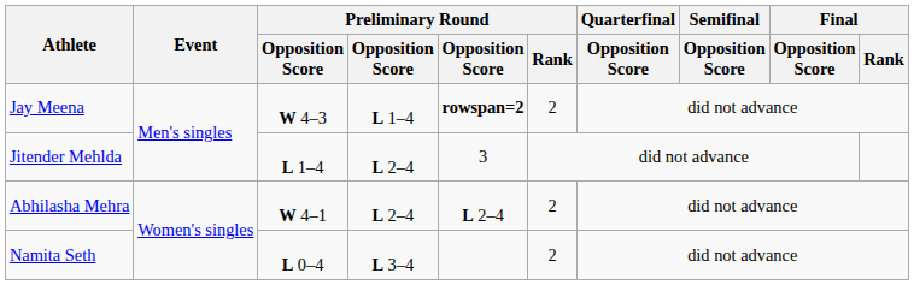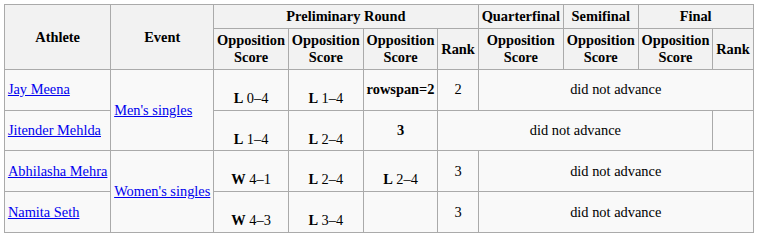 <table class=wikitable style=font-size:90%;text-align:center>
 <tr>
 <th rowspan="2">Athlete</th>
 <th rowspan="2">Event</th>
 <th colspan="4">Preliminary Round</th>
 <th>Quarterfinal</th>
 <th>Semifinal</th>
 <th colspan="2">Final</th>
 </tr>
 <tr>
 <th>Opposition<br>Score</th>
 <th>Opposition<br>Score</th>
 <th>Opposition<br>Score</th>
 <th>Rank</th>
 <th>Opposition<br>Score</th>
 <th>Opposition<br>Score</th>
 <th>Opposition<br>Score</th>
 <th>Rank</th>
 </tr>
 <tr>
 <td align=left><a href='#'>Jay Meena</a></td>
 <td align=left rowspan="2"><a href='#'>Men's singles</a></td>
-<td><br><strong>W</strong> 4–3</td>
+<td><br><strong>L</strong> 0–4</td>
 <td><br><strong>L</strong> 1–4</td>
 <td><strong>rowspan=2 </strong></td>
 <td>2</td>
 <td colspan="4">did not advance</td>
 </tr>
 <tr>
 <td align=left><a href='#'>Jitender Mehlda</a></td>
 <td><br><strong>L</strong> 1–4</td>
 <td><br><strong>L</strong> 2–4</td>
-<td>3</td>
+<td><strong>3</strong></td>
 <td colspan="4">did not advance</td>
 </tr>
 <tr>
 <td align=left><a href='#'>Abhilasha Mehra</a></td>
 <td align=left rowspan="2"><a href='#'>Women's singles</a></td>
 <td><br><strong>W</strong> 4–1</td>
 <td><br><strong>L</strong> 2–4</td>
 <td><br><strong>L</strong> 2–4</td>
-<td>2</td>
+<td>3</td>
 <td colspan="4">did not advance</td>
 </tr>
 <tr>
 <td align=left><a href='#'>Namita Seth</a></td>
-<td><br><strong>L</strong> 0–4</td>
+<td><br><strong>W</strong> 4–3</td>
 <td><br><strong>L</strong> 3–4</td>
 <td></td>
-<td>2</td>
+<td>3</td>
 <td colspan="4">did not advance</td>
 </tr>
 </table>
